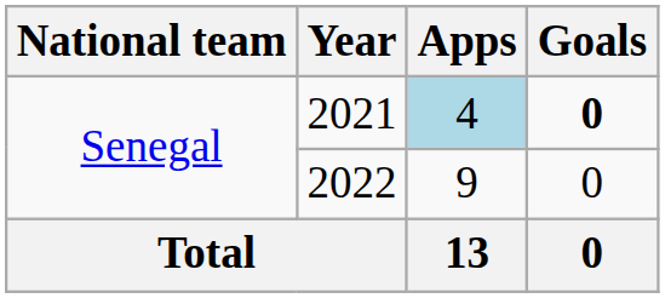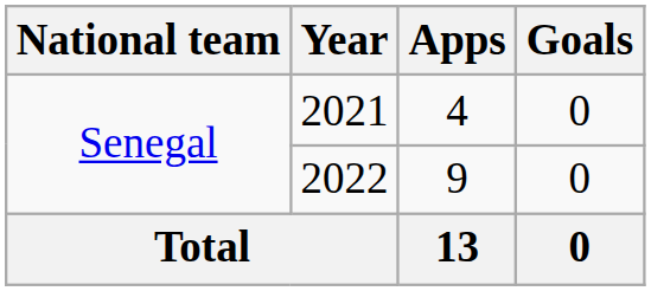 <table class="wikitable" style="text-align:center">
 <tr>
 <th>National team</th>
 <th>Year</th>
 <th>Apps</th>
 <th>Goals</th>
 </tr>
 <tr>
 <td rowspan="2"><a href='#'>Senegal</a></td>
 <td>2021</td>
-<td style="background: lightblue;">4</td>
-<td><strong>0</strong></td>
+<td>4</td>
+<td>0</td>
 </tr>
 <tr>
 <td>2022</td>
 <td>9</td>
 <td>0</td>
 </tr>
 <tr>
 <th colspan=2>Total</th>
 <th>13</th>
 <th>0</th>
 </tr>
 </table>
